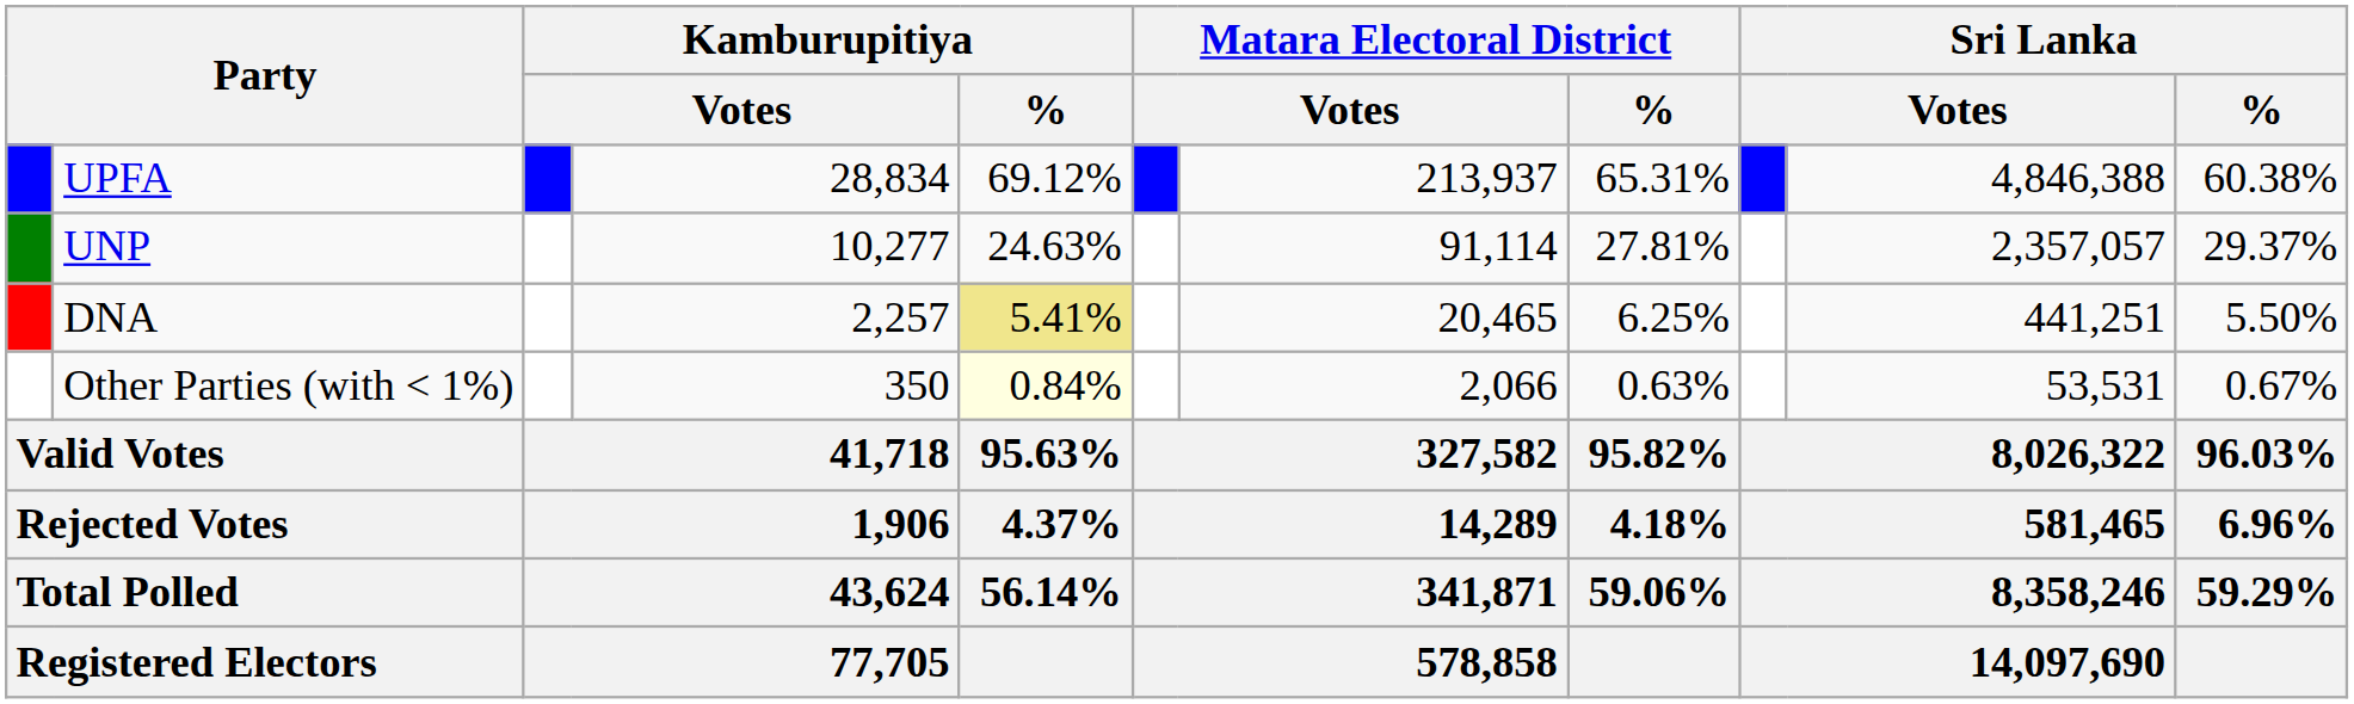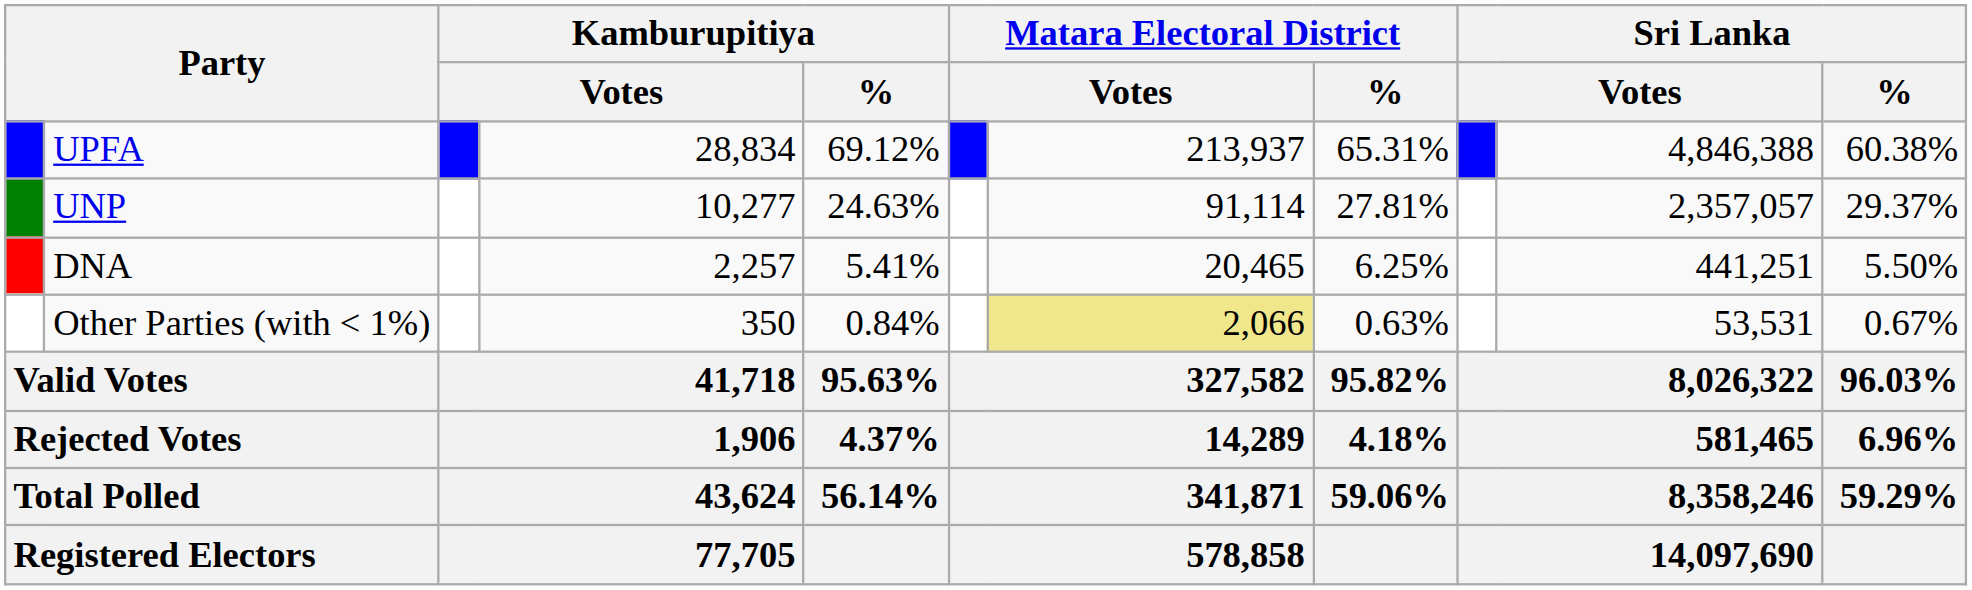 <table class="wikitable">
 <tr>
 <th colspan="2" width="144px"rowspan="2">Party</th>
 <th colspan="3" width="216px">Kamburupitiya</th>
 <th colspan="3" width="216px"><a href='#'>Matara Electoral District</a></th>
 <th colspan="3" width="216px">Sri Lanka</th>
 </tr>
 <tr>
 <th colspan="2" width="144px">Votes</th>
 <th>%</th>
 <th colspan="2" width="144px">Votes</th>
 <th>%</th>
 <th colspan="2" width="144px">Votes</th>
 <th>%</th>
 </tr>
 <tr>
 <td style="background-color:blue;" width="10px"></td>
 <td style="text-align:left;"><a href='#'>UPFA</a></td>
 <td style="background-color:blue;" width="10px"></td>
 <td style="text-align:right;">28,834</td>
 <td style="text-align:right;">69.12%</td>
 <td style="background-color:blue;" width="10px"></td>
 <td style="text-align:right;">213,937</td>
 <td style="text-align:right;">65.31%</td>
 <td style="background-color:blue;" width="10px"></td>
 <td style="text-align:right;">4,846,388</td>
 <td style="text-align:right;">60.38%</td>
 </tr>
 <tr>
 <td style="background-color:green;" width="10px"></td>
 <td style="text-align:left;"><a href='#'>UNP</a></td>
 <td style="background-color:white;" width="10px"></td>
 <td style="text-align:right;">10,277</td>
 <td style="text-align:right;">24.63%</td>
 <td style="background-color:white;" width="10px"></td>
 <td style="text-align:right;">91,114</td>
 <td style="text-align:right;">27.81%</td>
 <td style="background-color:white;" width="10px"></td>
 <td style="text-align:right;">2,357,057</td>
 <td style="text-align:right;">29.37%</td>
 </tr>
 <tr>
 <td style="background-color:red;" width="10px"></td>
 <td style="text-align:left;">DNA</td>
 <td style="background-color:white;" width="10px"></td>
 <td style="text-align:right;">2,257</td>
-<td style="background: khaki; text-align:right;">5.41%</td>
+<td style="text-align:right;">5.41%</td>
 <td style="background-color:white;" width="10px"></td>
 <td style="text-align:right;">20,465</td>
 <td style="text-align:right;">6.25%</td>
 <td style="background-color:white;" width="10px"></td>
 <td style="text-align:right;">441,251</td>
 <td style="text-align:right;">5.50%</td>
 </tr>
 <tr>
 <td style="background-color:white;" width="10px"></td>
 <td style="text-align:left;">Other Parties (with < 1%)</td>
 <td style="background-color:white;" width="10px"></td>
 <td style="text-align:right;">350</td>
-<td style="background: lightyellow; text-align:right;">0.84%</td>
+<td style="text-align:right;">0.84%</td>
 <td style="background-color:white;" width="10px"></td>
-<td style="text-align:right;">2,066</td>
+<td style="background: khaki; text-align:right;">2,066</td>
 <td style="text-align:right;">0.63%</td>
 <td style="background-color:white;" width="10px"></td>
 <td style="text-align:right;">53,531</td>
 <td style="text-align:right;">0.67%</td>
 </tr>
 <tr>
 <th colspan="2" width="144px"style="text-align:left;">Valid Votes</th>
 <th style="text-align:right;"colspan="2" width="144px">41,718</th>
 <th style="text-align:right;">95.63%</th>
 <th style="text-align:right;"colspan="2" width="144px">327,582</th>
 <th style="text-align:right;">95.82%</th>
 <th style="text-align:right;"colspan="2" width="144px">8,026,322</th>
 <th style="text-align:right;">96.03%</th>
 </tr>
 <tr>
 <th colspan="2" width="144px"style="text-align:left;">Rejected Votes</th>
 <th style="text-align:right;"colspan="2" width="144px">1,906</th>
 <th style="text-align:right;">4.37%</th>
 <th style="text-align:right;"colspan="2" width="144px">14,289</th>
 <th style="text-align:right;">4.18%</th>
 <th style="text-align:right;"colspan="2" width="144px">581,465</th>
 <th style="text-align:right;">6.96%</th>
 </tr>
 <tr>
 <th colspan="2" width="144px"style="text-align:left;">Total Polled</th>
 <th style="text-align:right;"colspan="2" width="144px">43,624</th>
 <th style="text-align:right;">56.14%</th>
 <th style="text-align:right;"colspan="2" width="144px">341,871</th>
 <th style="text-align:right;">59.06%</th>
 <th style="text-align:right;"colspan="2" width="144px">8,358,246</th>
 <th style="text-align:right;">59.29%</th>
 </tr>
 <tr>
 <th colspan="2" width="144px"style="text-align:left;">Registered Electors</th>
 <th style="text-align:right;"colspan="2" width="144px">77,705</th>
 <th></th>
 <th style="text-align:right;"colspan="2" width="144px">578,858</th>
 <th></th>
 <th style="text-align:right;"colspan="2" width="144px">14,097,690</th>
 <th></th>
 </tr>
 </table>
